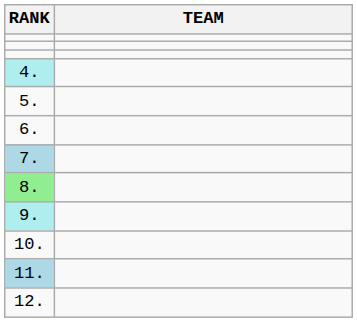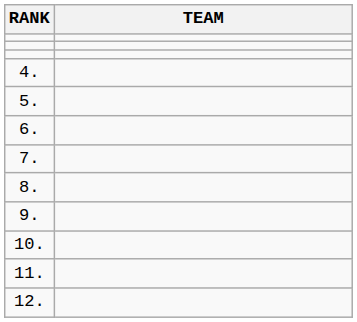 <table class="wikitable" style="border-collapse: collapse; font-size: 90%;">
 <tr>
 <th>RANK</th>
 <th align="left" style="width: 17em">TEAM</th>
 </tr>
 <tr>
 <td align="center"></td>
 <td></td>
 </tr>
 <tr>
 <td align="center"></td>
 <td></td>
 </tr>
 <tr>
 <td align="center"></td>
 <td></td>
 </tr>
 <tr>
-<td align="center" style="background: paleturquoise;">4.</td>
+<td align="center">4.</td>
 <td></td>
 </tr>
 <tr>
 <td align="center">5.</td>
 <td></td>
 </tr>
 <tr>
 <td align="center">6.</td>
 <td></td>
 </tr>
 <tr>
-<td align="center" style="background: lightblue;">7.</td>
+<td align="center">7.</td>
 <td></td>
 </tr>
 <tr>
-<td align="center" style="background: lightgreen;">8.</td>
+<td align="center">8.</td>
 <td></td>
 </tr>
 <tr>
-<td align="center" style="background: paleturquoise;">9.</td>
+<td align="center">9.</td>
 <td></td>
 </tr>
 <tr>
 <td align="center">10.</td>
 <td></td>
 </tr>
 <tr>
-<td align="center" style="background: lightblue;">11.</td>
+<td align="center">11.</td>
 <td></td>
 </tr>
 <tr>
 <td align="center">12.</td>
 <td></td>
 </tr>
 </table>
